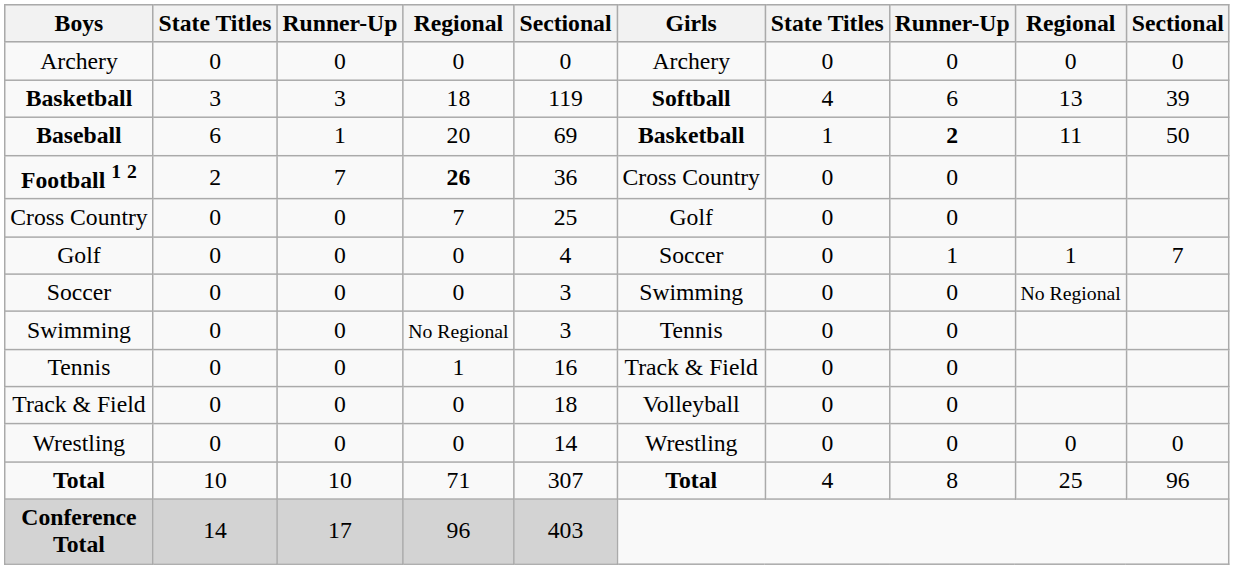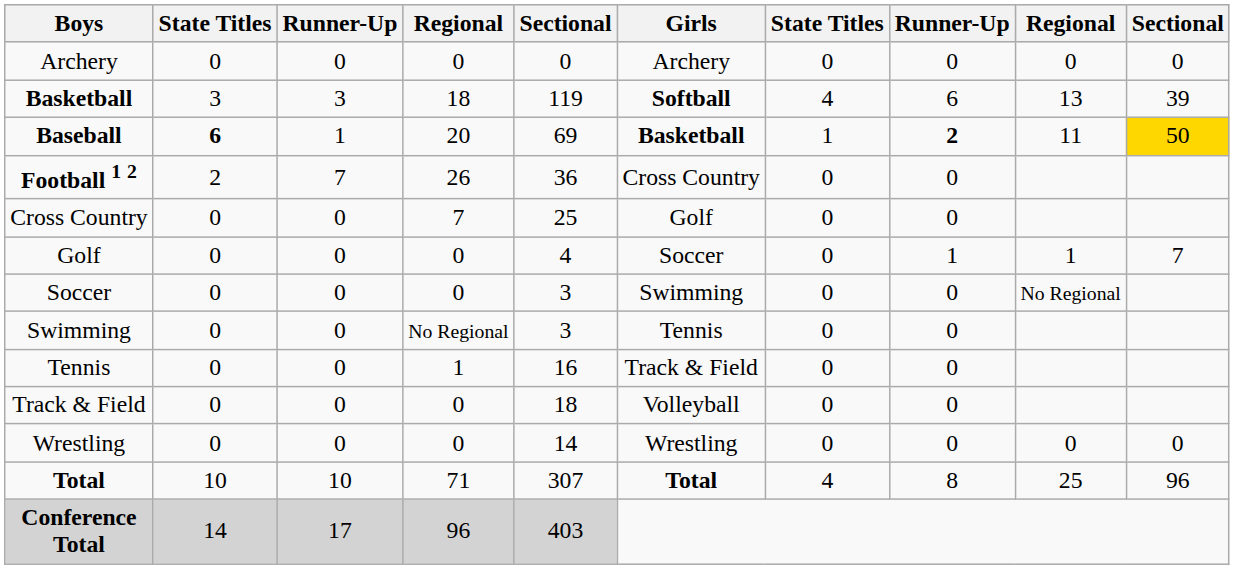 <table class="wikitable" style="text-align:center;">
 <tr bgcolor=#D3D3D3>
 <th>Boys</th>
 <th>State Titles</th>
 <th>Runner-Up</th>
 <th>Regional</th>
 <th>Sectional</th>
 <th>Girls</th>
 <th>State Titles</th>
 <th>Runner-Up</th>
 <th>Regional</th>
 <th>Sectional</th>
 </tr>
 <tr>
 <td>Archery</td>
 <td>0</td>
 <td>0</td>
 <td>0</td>
 <td>0</td>
 <td>Archery</td>
 <td>0</td>
 <td>0</td>
 <td>0</td>
 <td>0</td>
 </tr>
 <tr>
 <td><strong>Basketball</strong></td>
 <td>3</td>
 <td>3</td>
 <td>18</td>
 <td>119</td>
 <td><strong>Softball</strong></td>
 <td>4</td>
 <td>6</td>
 <td>13</td>
 <td>39</td>
 </tr>
 <tr>
 <td><strong>Baseball</strong></td>
-<td>6</td>
+<td><strong>6</strong></td>
 <td>1</td>
 <td>20</td>
 <td>69</td>
 <td><strong>Basketball</strong></td>
 <td>1</td>
 <td><strong>2</strong></td>
 <td>11</td>
-<td>50</td>
+<td style="background: gold;">50</td>
 </tr>
 <tr>
 <td><strong>Football <sup>1</sup> <sup>2</sup></strong></td>
 <td>2</td>
 <td>7</td>
-<td><strong>26</strong></td>
+<td>26</td>
 <td>36</td>
 <td>Cross Country</td>
 <td>0</td>
 <td>0</td>
 <td></td>
 <td></td>
 </tr>
 <tr>
 <td>Cross Country</td>
 <td>0</td>
 <td>0</td>
 <td>7</td>
 <td>25</td>
 <td>Golf</td>
 <td>0</td>
 <td>0</td>
 <td></td>
 <td></td>
 </tr>
 <tr>
 <td>Golf</td>
 <td>0</td>
 <td>0</td>
 <td>0</td>
 <td>4</td>
 <td>Soccer</td>
 <td>0</td>
 <td>1</td>
 <td>1</td>
 <td>7</td>
 </tr>
 <tr>
 <td>Soccer</td>
 <td>0</td>
 <td>0</td>
 <td>0</td>
 <td>3</td>
 <td>Swimming</td>
 <td>0</td>
 <td>0</td>
 <td><small>No Regional</small></td>
 <td></td>
 </tr>
 <tr>
 <td>Swimming</td>
 <td>0</td>
 <td>0</td>
 <td><small>No Regional</small></td>
 <td>3</td>
 <td>Tennis</td>
 <td>0</td>
 <td>0</td>
 <td></td>
 <td></td>
 </tr>
 <tr>
 <td>Tennis</td>
 <td>0</td>
 <td>0</td>
 <td>1</td>
 <td>16</td>
 <td>Track & Field</td>
 <td>0</td>
 <td>0</td>
 <td></td>
 <td></td>
 </tr>
 <tr>
 <td>Track & Field</td>
 <td>0</td>
 <td>0</td>
 <td>0</td>
 <td>18</td>
 <td>Volleyball</td>
 <td>0</td>
 <td>0</td>
 <td></td>
 <td></td>
 </tr>
 <tr>
 <td>Wrestling</td>
 <td>0</td>
 <td>0</td>
 <td>0</td>
 <td>14</td>
 <td>Wrestling</td>
 <td>0</td>
 <td>0</td>
 <td>0</td>
 <td>0</td>
 </tr>
 <tr>
 <td><strong>Total</strong></td>
 <td>10</td>
 <td>10</td>
 <td>71</td>
 <td>307</td>
 <td><strong>Total</strong></td>
 <td>4</td>
 <td>8</td>
 <td>25</td>
 <td>96</td>
 </tr>
 <tr bgcolor=#D3D3D3>
 <td><strong>Conference <br> Total</strong></td>
 <td>14</td>
 <td>17</td>
 <td>96</td>
 <td>403</td>
 </tr>
 </table>
